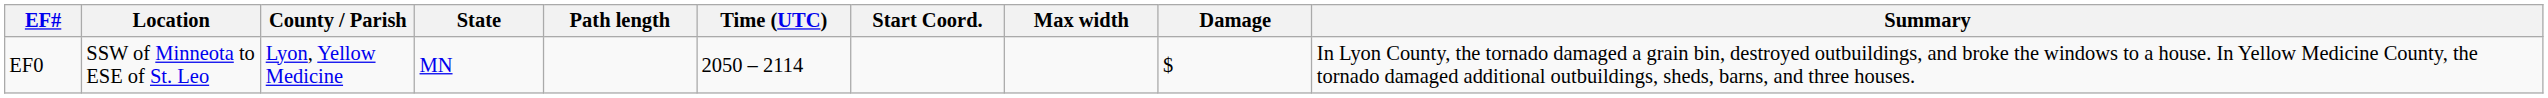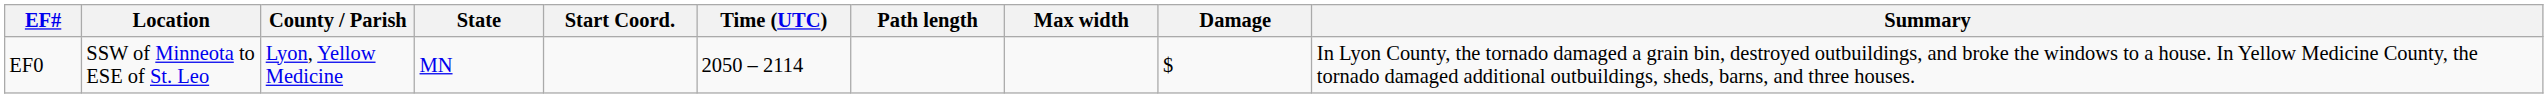 <table class="wikitable sortable" style="width:100%;">
 <tr>
 <th scope="col" width="3%" align="center"><a href='#'>EF#</a></th>
 <th scope="col" width="7%" align="center" class="unsortable">Location</th>
 <th scope="col" width="6%" align="center" class="unsortable">County / Parish</th>
 <th scope="col" width="5%" align="center">State</th>
+<th scope="col" width="6%" align="center">Start Coord.</th>
+<th scope="col" width="6%" align="center">Time (<a href='#'>UTC</a>)</th>
 <th scope="col" width="6%" align="center">Path length</th>
-<th scope="col" width="6%" align="center">Time (<a href='#'>UTC</a>)</th>
-<th scope="col" width="6%" align="center">Start Coord.</th>
 <th scope="col" width="6%" align="center">Max width</th>
 <th scope="col" width="6%" align="center">Damage</th>
 <th scope="col" width="48%" class="unsortable" align="center">Summary</th>
 </tr>
 <tr>
 <td>EF0</td>
 <td>SSW of <a href='#'>Minneota</a> to ESE of <a href='#'>St. Leo</a></td>
 <td><a href='#'>Lyon</a>, <a href='#'>Yellow Medicine</a></td>
 <td><a href='#'>MN</a></td>
 <td></td>
 <td>2050 – 2114</td>
 <td></td>
 <td></td>
 <td>$</td>
 <td>In Lyon County, the tornado damaged a grain bin, destroyed outbuildings, and broke the windows to a house. In Yellow Medicine County, the tornado damaged additional outbuildings, sheds, barns, and three houses.</td>
 </tr>
 </table>
